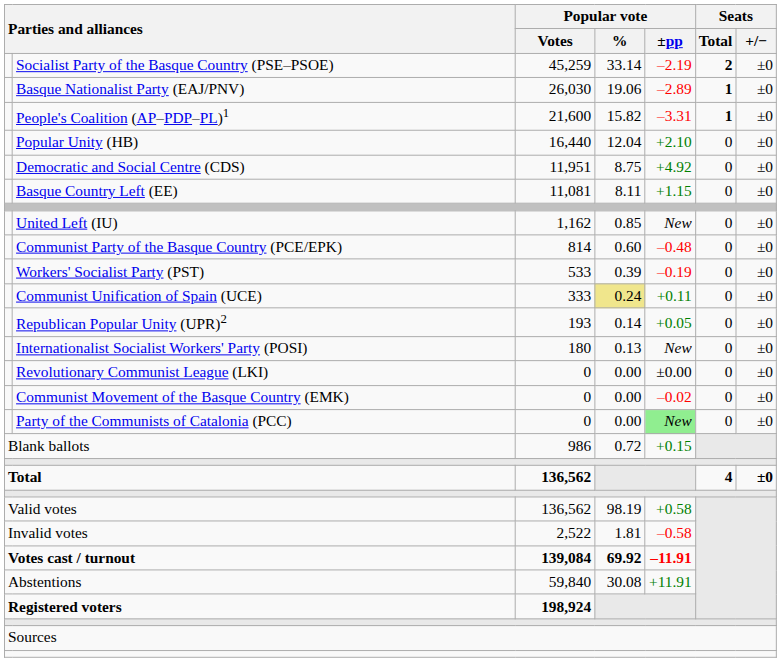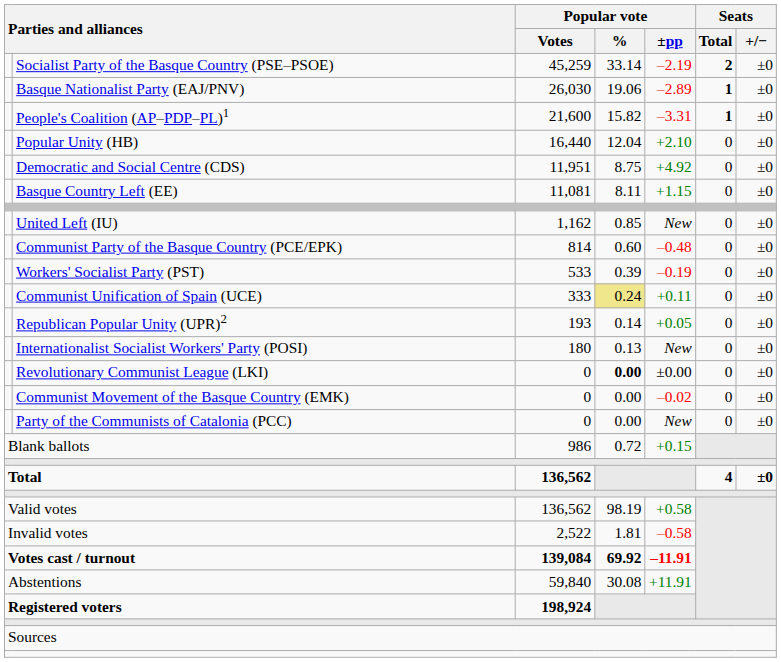 <table class="wikitable" style="text-align:right;">
 <tr>
 <th style="text-align:left;" rowspan="2" colspan="2" width="525">Parties and alliances</th>
 <th colspan="3">Popular vote</th>
 <th colspan="2">Seats</th>
 </tr>
 <tr>
 <th width="75">Votes</th>
 <th width="45">%</th>
 <th width="45">±<a href='#'>pp</a></th>
 <th width="35">Total</th>
 <th width="35">+/−</th>
 </tr>
 <tr>
 <td width="1" style="color:inherit;background:"></td>
 <td align="left"><a href='#'>Socialist Party of the Basque Country</a> (PSE–PSOE)</td>
 <td>45,259</td>
 <td>33.14</td>
 <td style="color:red;">–2.19</td>
 <td><strong>2</strong></td>
 <td>±0</td>
 </tr>
 <tr>
 <td style="color:inherit;background:"></td>
 <td align="left"><a href='#'>Basque Nationalist Party</a> (EAJ/PNV)</td>
 <td>26,030</td>
 <td>19.06</td>
 <td style="color:red;">–2.89</td>
 <td><strong>1</strong></td>
 <td>±0</td>
 </tr>
 <tr>
 <td style="color:inherit;background:"></td>
 <td align="left"><a href='#'>People's Coalition</a> (<a href='#'>AP</a>–<a href='#'>PDP</a>–<a href='#'>PL</a>)<sup>1</sup></td>
 <td>21,600</td>
 <td>15.82</td>
 <td style="color:red;">–3.31</td>
 <td><strong>1</strong></td>
 <td>±0</td>
 </tr>
 <tr>
 <td style="color:inherit;background:"></td>
 <td align="left"><a href='#'>Popular Unity</a> (HB)</td>
 <td>16,440</td>
 <td>12.04</td>
 <td style="color:green;">+2.10</td>
 <td>0</td>
 <td>±0</td>
 </tr>
 <tr>
 <td style="color:inherit;background:"></td>
 <td align="left"><a href='#'>Democratic and Social Centre</a> (CDS)</td>
 <td>11,951</td>
 <td>8.75</td>
 <td style="color:green;">+4.92</td>
 <td>0</td>
 <td>±0</td>
 </tr>
 <tr>
 <td style="color:inherit;background:"></td>
 <td align="left"><a href='#'>Basque Country Left</a> (EE)</td>
 <td>11,081</td>
 <td>8.11</td>
 <td style="color:green;">+1.15</td>
 <td>0</td>
 <td>±0</td>
 </tr>
 <tr>
 <td colspan="7" bgcolor="#C0C0C0"></td>
 </tr>
 <tr>
 <td style="color:inherit;background:"></td>
 <td align="left"><a href='#'>United Left</a> (IU)</td>
 <td>1,162</td>
 <td>0.85</td>
 <td><em>New</em></td>
 <td>0</td>
 <td>±0</td>
 </tr>
 <tr>
 <td style="color:inherit;background:"></td>
 <td align="left"><a href='#'>Communist Party of the Basque Country</a> (PCE/EPK)</td>
 <td>814</td>
 <td>0.60</td>
 <td style="color:red;">–0.48</td>
 <td>0</td>
 <td>±0</td>
 </tr>
 <tr>
 <td style="color:inherit;background:"></td>
 <td align="left"><a href='#'>Workers' Socialist Party</a> (PST)</td>
 <td>533</td>
 <td>0.39</td>
 <td style="color:red;">–0.19</td>
 <td>0</td>
 <td>±0</td>
 </tr>
 <tr>
 <td style="color:inherit;background:"></td>
 <td align="left"><a href='#'>Communist Unification of Spain</a> (UCE)</td>
 <td>333</td>
 <td style="background: khaki;">0.24</td>
 <td style="color:green;">+0.11</td>
 <td>0</td>
 <td>±0</td>
 </tr>
 <tr>
 <td style="color:inherit;background:"></td>
 <td align="left"><a href='#'>Republican Popular Unity</a> (UPR)<sup>2</sup></td>
 <td>193</td>
 <td>0.14</td>
 <td style="color:green;">+0.05</td>
 <td>0</td>
 <td>±0</td>
 </tr>
 <tr>
 <td style="color:inherit;background:"></td>
 <td align="left"><a href='#'>Internationalist Socialist Workers' Party</a> (POSI)</td>
 <td>180</td>
 <td>0.13</td>
 <td><em>New</em></td>
 <td>0</td>
 <td>±0</td>
 </tr>
 <tr>
 <td style="color:inherit;background:"></td>
 <td align="left"><a href='#'>Revolutionary Communist League</a> (LKI)</td>
 <td>0</td>
-<td>0.00</td>
+<td><strong>0.00</strong></td>
 <td>±0.00</td>
 <td>0</td>
 <td>±0</td>
 </tr>
 <tr>
 <td style="color:inherit;background:"></td>
 <td align="left"><a href='#'>Communist Movement of the Basque Country</a> (EMK)</td>
 <td>0</td>
 <td>0.00</td>
 <td style="color:red;">–0.02</td>
 <td>0</td>
 <td>±0</td>
 </tr>
 <tr>
 <td style="color:inherit;background:"></td>
 <td align="left"><a href='#'>Party of the Communists of Catalonia</a> (PCC)</td>
 <td>0</td>
 <td>0.00</td>
-<td style="background: lightgreen;"><em>New</em></td>
+<td><em>New</em></td>
 <td>0</td>
 <td>±0</td>
 </tr>
 <tr>
 <td align="left" colspan="2">Blank ballots</td>
 <td>986</td>
 <td>0.72</td>
 <td style="color:green;">+0.15</td>
 <td bgcolor="#E9E9E9" colspan="2"></td>
 </tr>
 <tr>
 <td colspan="7" bgcolor="#E9E9E9"></td>
 </tr>
 <tr style="font-weight:bold;">
 <td align="left" colspan="2">Total</td>
 <td>136,562</td>
 <td bgcolor="#E9E9E9" colspan="2"></td>
 <td>4</td>
 <td>±0</td>
 </tr>
 <tr>
 <td colspan="7" bgcolor="#E9E9E9"></td>
 </tr>
 <tr>
 <td align="left" colspan="2">Valid votes</td>
 <td>136,562</td>
 <td>98.19</td>
 <td style="color:green;">+0.58</td>
 <td bgcolor="#E9E9E9" colspan="2" rowspan="5"></td>
 </tr>
 <tr>
 <td align="left" colspan="2">Invalid votes</td>
 <td>2,522</td>
 <td>1.81</td>
 <td style="color:red;">–0.58</td>
 </tr>
 <tr style="font-weight:bold;">
 <td align="left" colspan="2">Votes cast / turnout</td>
 <td>139,084</td>
 <td>69.92</td>
 <td style="color:red;">–11.91</td>
 </tr>
 <tr>
 <td align="left" colspan="2">Abstentions</td>
 <td>59,840</td>
 <td>30.08</td>
 <td style="color:green;">+11.91</td>
 </tr>
 <tr style="font-weight:bold;">
 <td align="left" colspan="2">Registered voters</td>
 <td>198,924</td>
 <td bgcolor="#E9E9E9" colspan="2"></td>
 </tr>
 <tr>
 <td colspan="7" bgcolor="#E9E9E9"></td>
 </tr>
 <tr>
 <td align="left" colspan="7">Sources</td>
 </tr>
 <tr>
 <td colspan="7" style="text-align:left; max-width:790px;"></td>
 </tr>
 </table>
